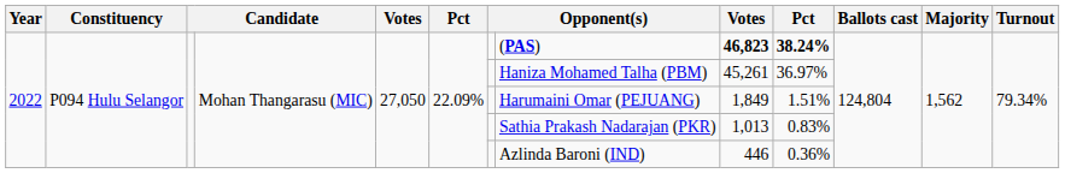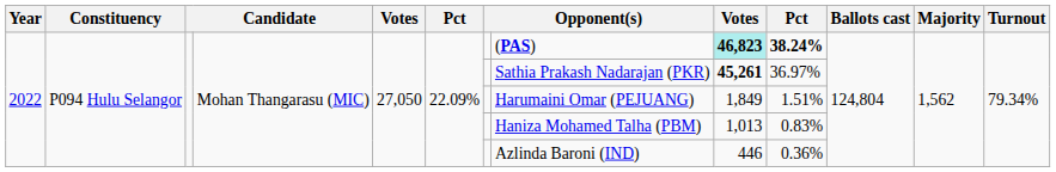 <table class="wikitable" style="margin:0.5em ; font-size:95%">
 <tr>
 <th>Year</th>
 <th>Constituency</th>
 <th colspan=2>Candidate</th>
 <th>Votes</th>
 <th>Pct</th>
 <th colspan=2>Opponent(s)</th>
 <th>Votes</th>
 <th>Pct</th>
 <th>Ballots cast</th>
 <th>Majority</th>
 <th>Turnout</th>
 </tr>
 <tr>
 <td rowspan=5><a href='#'>2022</a></td>
 <td rowspan=5>P094 <a href='#'>Hulu Selangor</a></td>
 <td rowspan=5 ></td>
 <td rowspan=5>Mohan Thangarasu (<a href='#'>MIC</a>)</td>
 <td rowspan=5 align=right>27,050</td>
 <td rowspan=5>22.09%</td>
 <td bgcolor=></td>
 <td> (<a href='#'><strong>PAS</strong></a>)</td>
-<td align=right><strong>46,823</strong></td>
+<td align=right style="background: paleturquoise;"><strong>46,823</strong></td>
 <td><strong>38.24%</strong></td>
 <td rowspan=5>124,804</td>
 <td rowspan=5>1,562</td>
 <td rowspan=5>79.34%</td>
 </tr>
 <tr>
 <td></td>
-<td><a href='#'>Haniza Mohamed Talha</a> (<a href='#'>PBM</a>)</td>
-<td align=right>45,261</td>
+<td><a href='#'>Sathia Prakash Nadarajan</a> (<a href='#'>PKR</a>)</td>
+<td align=right><strong>45,261</strong></td>
 <td>36.97%</td>
 </tr>
 <tr>
 <td bgcolor=></td>
 <td><a href='#'>Harumaini Omar</a> (<a href='#'>PEJUANG</a>)</td>
 <td align=right>1,849</td>
 <td align=right>1.51%</td>
 </tr>
 <tr>
 <td bgcolor=></td>
-<td><a href='#'>Sathia Prakash Nadarajan</a> (<a href='#'>PKR</a>)</td>
+<td><a href='#'>Haniza Mohamed Talha</a> (<a href='#'>PBM</a>)</td>
 <td align=right>1,013</td>
 <td align=right>0.83%</td>
 </tr>
 <tr>
 <td></td>
 <td>Azlinda Baroni (<a href='#'>IND</a>)</td>
 <td align=right>446</td>
 <td align=right>0.36%</td>
 </tr>
 </table>
